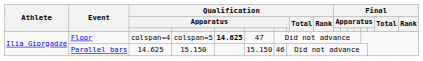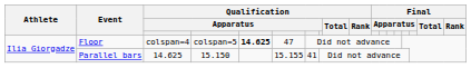 <table class="wikitable" style="font-size:90%">
 <tr>
 <th rowspan=3>Athlete</th>
 <th rowspan=3>Event</th>
 <th colspan =8>Qualification</th>
 <th colspan =8>Final</th>
 </tr>
 <tr style="font-size:95%">
 <th colspan=6>Apparatus</th>
 <th rowspan=2>Total</th>
 <th rowspan=2>Rank</th>
 <th colspan=6>Apparatus</th>
 <th rowspan=2>Total</th>
 <th rowspan=2>Rank</th>
 </tr>
 <tr style="font-size:95%">
 <th></th>
 <th></th>
 <th></th>
 <th></th>
 <th></th>
 <th></th>
 <th></th>
 <th></th>
 <th></th>
 <th></th>
 <th></th>
 <th></th>
 </tr>
 <tr align=center>
 <td align=left rowspan=2><a href='#'>Ilia Giorgadze</a></td>
 <td align=left><a href='#'>Floor</a></td>
 <td>colspan=4 </td>
 <td>colspan=5 </td>
 <td><strong>14.625</strong></td>
 <td>47</td>
 <td colspan=8>Did not advance</td>
 </tr>
 <tr align=center>
 <td align=left><a href='#'>Parallel bars</a></td>
 <td>14.625</td>
 <td>15.150</td>
 <td></td>
-<td>15.150</td>
-<td>46</td>
+<td>15.155</td>
+<td>41</td>
 <td colspan=8>Did not advance</td>
 </tr>
 </table>
